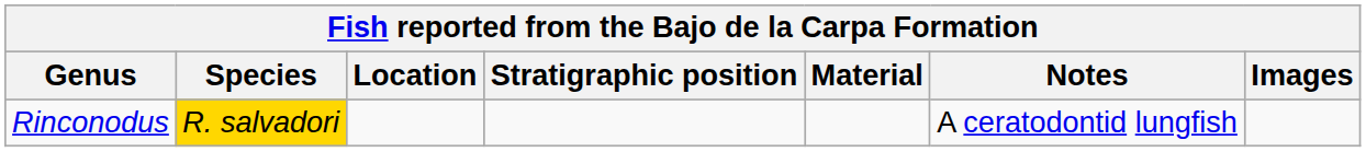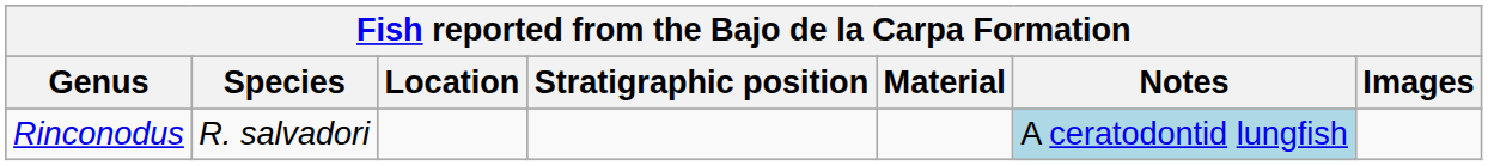 <table class="wikitable" align="center">
 <tr>
 <th colspan="7" align="center"><strong><a href='#'>Fish</a> reported from the Bajo de la Carpa Formation</strong></th>
 </tr>
 <tr>
 <th>Genus</th>
 <th>Species</th>
 <th>Location</th>
 <th>Stratigraphic position</th>
 <th>Material</th>
 <th>Notes</th>
 <th>Images</th>
 </tr>
 <tr>
 <td><em><a href='#'>Rinconodus</a></em></td>
-<td style="background: gold;"><em>R. salvadori</em></td>
+<td><em>R. salvadori</em></td>
 <td></td>
 <td></td>
 <td></td>
-<td>A <a href='#'>ceratodontid</a> <a href='#'>lungfish</a></td>
+<td style="background: lightblue;">A <a href='#'>ceratodontid</a> <a href='#'>lungfish</a></td>
 <td></td>
 </tr>
 </table>
